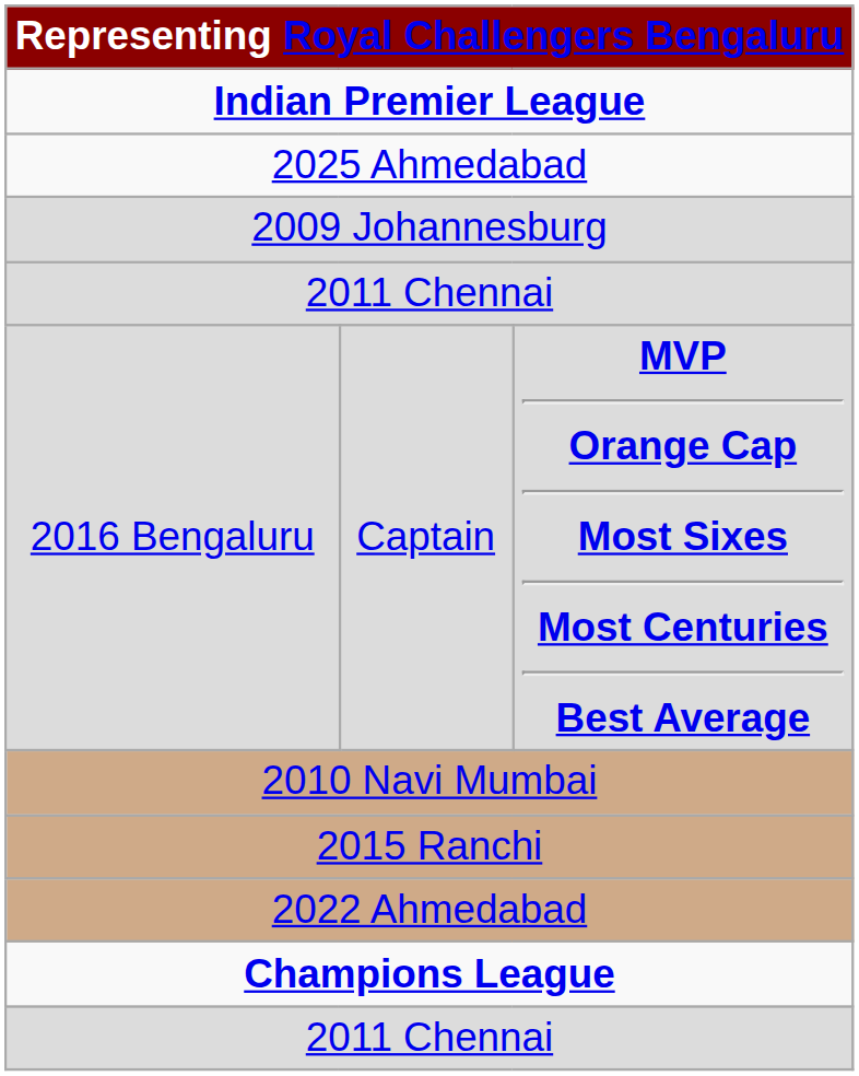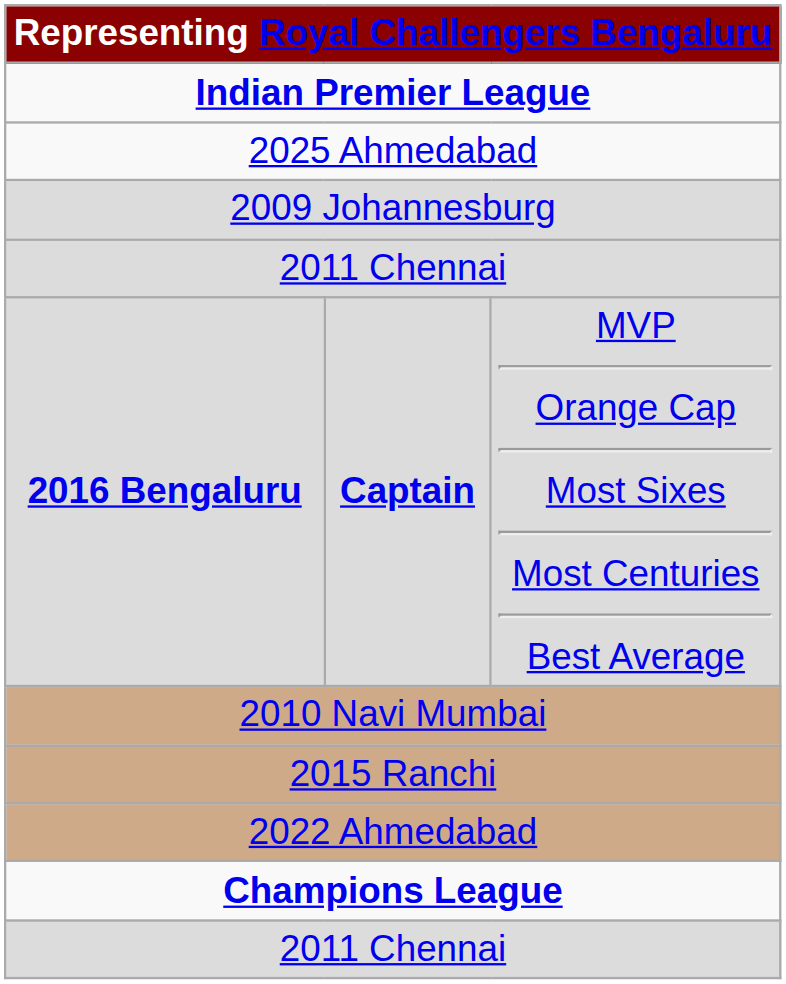 <table class="wikitable" style="text-align:center;">
 <tr>
 <th colspan=3 style="background: #8B0000; color:#FFFFFF">Representing <a href='#'><span>Royal Challengers Bengaluru</span></a></th>
 </tr>
 <tr>
 <td colspan=3><strong><a href='#'>Indian Premier League</a></strong></td>
 </tr>
 <tr>
 <td colspan=3><a href='#'>2025 Ahmedabad</a></td>
 </tr>
 <tr bgcolor=#DCDCDC>
 <td colspan=3> <a href='#'>2009 Johannesburg</a></td>
 </tr>
 <tr bgcolor=#DCDCDC>
 <td colspan=3> <a href='#'>2011 Chennai</a></td>
 </tr>
 <tr bgcolor=#DCDCDC>
-<td> <a href='#'>2016 Bengaluru</a></td>
-<td><a href='#'>Captain</a></td>
-<td><strong><a href='#'>MVP</a><hr><a href='#'>Orange Cap</a><hr><a href='#'>Most Sixes</a><hr><a href='#'>Most Centuries</a><hr><a href='#'>Best Average</a></strong></td>
+<td><strong> <a href='#'>2016 Bengaluru</a></strong></td>
+<td><strong><a href='#'>Captain</a></strong></td>
+<td><a href='#'>MVP</a><hr><a href='#'>Orange Cap</a><hr><a href='#'>Most Sixes</a><hr><a href='#'>Most Centuries</a><hr><a href='#'>Best Average</a></td>
 </tr>
 <tr bgcolor=#CFAA88>
 <td colspan=3> <a href='#'>2010 Navi Mumbai</a></td>
 </tr>
 <tr bgcolor=#CFAA88>
 <td colspan=3> <a href='#'>2015 Ranchi</a></td>
 </tr>
 <tr bgcolor=#CFAA88>
 <td colspan=3> <a href='#'>2022 Ahmedabad</a></td>
 </tr>
 <tr>
 <td colspan=3><strong><a href='#'>Champions League</a></strong></td>
 </tr>
 <tr bgcolor=#DCDCDC>
 <td colspan=3> <a href='#'>2011 Chennai</a></td>
 </tr>
 </table>
